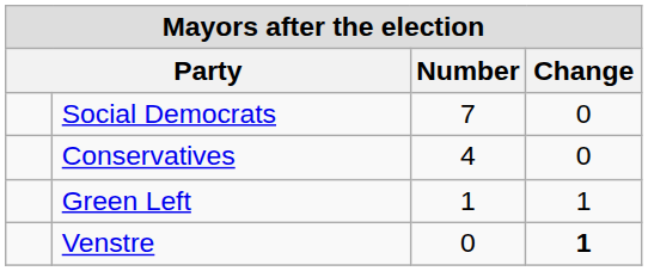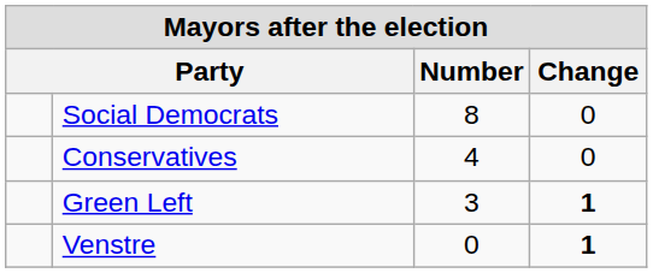 <table class="wikitable" style="">
 <tr>
 <td colspan="4" style="background:#dddddd; text-align:center;"><strong>Mayors after the election</strong></td>
 </tr>
 <tr>
 <th colspan="2">Party</th>
 <th style="width:60px;">Number</th>
 <th style="width:60px;">Change</th>
 </tr>
 <tr>
 <td style="background:"></td>
 <td style="padding-left:5px;"><a href='#'>Social Democrats</a></td>
-<td style="text-align:center;">7</td>
+<td style="text-align:center;">8</td>
 <td style="text-align:center;"> 0</td>
 </tr>
 <tr>
 <td style="background:"></td>
 <td style="padding-left:5px;"><a href='#'>Conservatives</a></td>
 <td style="text-align:center;">4</td>
 <td style="text-align:center;"> 0</td>
 </tr>
 <tr>
 <td style="width:20px; background:"></td>
 <td style="width:200px; padding-left:5px;"><a href='#'>Green Left</a></td>
-<td style="text-align:center;">1</td>
-<td style="text-align:center;"> 1</td>
+<td style="text-align:center;">3</td>
+<td style="text-align:center;"><strong> 1</strong></td>
 </tr>
 <tr>
 <td style="width:20px; background:"></td>
 <td style="width:200px; padding-left:5px;"><a href='#'>Venstre</a></td>
 <td style="text-align:center;">0</td>
 <td style="text-align:center;"><strong> 1</strong></td>
 </tr>
 </table>
